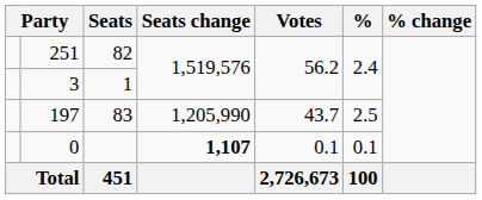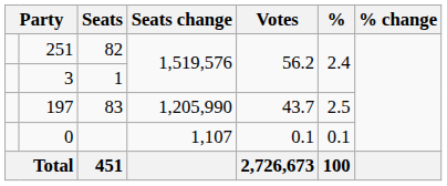 <table class="wikitable sortable">
 <tr>
 <th colspan=2>Party</th>
 <th>Seats</th>
 <th>Seats change</th>
 <th>Votes</th>
 <th>%</th>
 <th>% change</th>
 </tr>
 <tr>
 <td></td>
 <td align=right>251</td>
 <td align=right>82</td>
 <td rowspan=2 align=right>1,519,576</td>
 <td rowspan=2 align=right>56.2</td>
 <td rowspan=2 align=right>2.4</td>
 </tr>
 <tr>
 <td></td>
 <td align=right>3</td>
 <td align=right>1</td>
 </tr>
 <tr>
 <td></td>
 <td align=right>197</td>
 <td align=right>83</td>
 <td align=right>1,205,990</td>
 <td align=right>43.7</td>
 <td align=right>2.5</td>
 </tr>
 <tr>
 <td></td>
 <td align=right>0</td>
 <td align=right></td>
-<td align=right><strong>1,107</strong></td>
+<td align=right>1,107</td>
 <td align=right>0.1</td>
 <td align=right>0.1</td>
 </tr>
 <tr class="sortbottom" style="font-weight: bold; text-align: right; background: #f2f2f2;">
 <th colspan="2" style="padding-left: 1.5em; text-align: left;">Total</th>
 <td align=right>451</td>
 <td align=right></td>
 <td align=right>2,726,673</td>
 <td align=right>100</td>
 <td align=right></td>
 </tr>
 </table>
